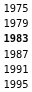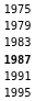 <table>
 <tr>
 <td>1975</td>
 <td></td>
 <td></td>
 <td></td>
 </tr>
 <tr>
 <td>1979</td>
 <td></td>
 <td></td>
 <td></td>
 </tr>
 <tr>
-<td><strong>1983</strong></td>
+<td>1983</td>
 <td></td>
 <td></td>
 <td></td>
 </tr>
 <tr>
-<td>1987</td>
+<td><strong>1987</strong></td>
 <td></td>
 <td></td>
 <td></td>
 </tr>
 <tr>
 <td>1991</td>
 <td></td>
 <td></td>
 <td></td>
 </tr>
 <tr>
 <td>1995</td>
 <td></td>
 <td></td>
 <td></td>
 </tr>
 </table>
